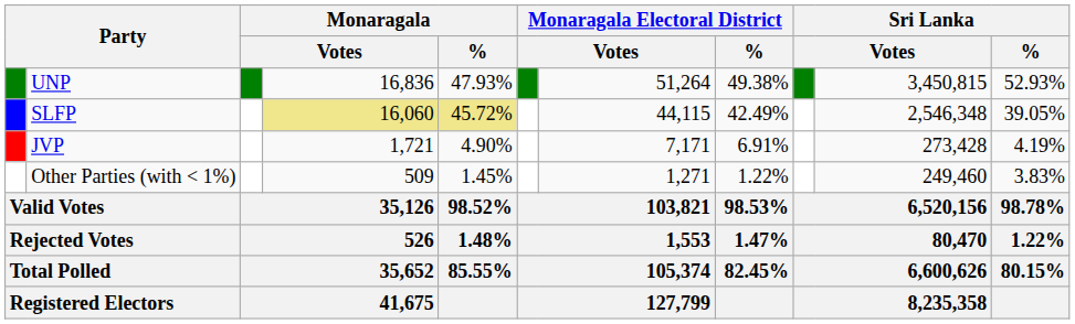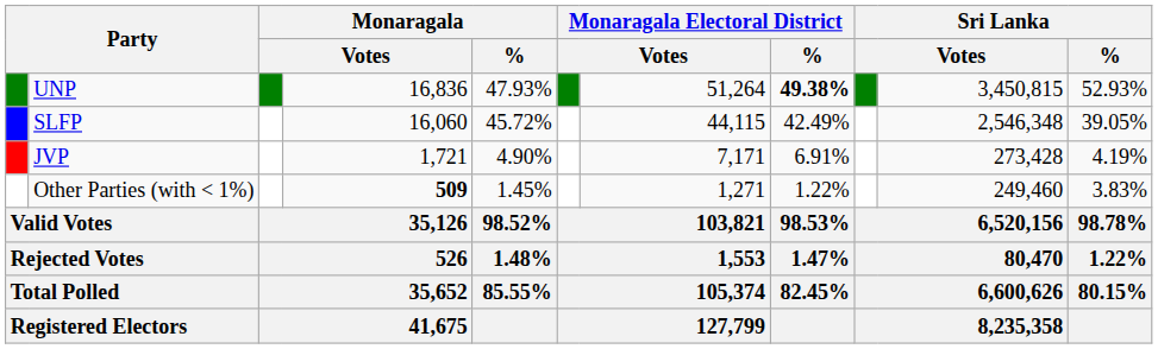 <table class="wikitable">
 <tr>
 <th colspan="2" width="144px"rowspan="2">Party</th>
 <th colspan="3" width="216px">Monaragala</th>
 <th colspan="3" width="216px"><a href='#'>Monaragala Electoral District</a></th>
 <th colspan="3" width="216px">Sri Lanka</th>
 </tr>
 <tr>
 <th colspan="2" width="144px">Votes</th>
 <th>%</th>
 <th colspan="2" width="144px">Votes</th>
 <th>%</th>
 <th colspan="2" width="144px">Votes</th>
 <th>%</th>
 </tr>
 <tr>
 <td style="background-color:green;" width="10px"></td>
 <td style="text-align:left;"><a href='#'>UNP</a></td>
 <td style="background-color:green;" width="10px"></td>
 <td style="text-align:right;">16,836</td>
 <td style="text-align:right;">47.93%</td>
 <td style="background-color:green;" width="10px"></td>
 <td style="text-align:right;">51,264</td>
-<td style="text-align:right;">49.38%</td>
+<td style="text-align:right;"><strong>49.38%</strong></td>
 <td style="background-color:green;" width="10px"></td>
 <td style="text-align:right;">3,450,815</td>
 <td style="text-align:right;">52.93%</td>
 </tr>
 <tr>
 <td style="background-color:blue;" width="10px"></td>
 <td style="text-align:left;"><a href='#'>SLFP</a></td>
 <td style="background-color:white;" width="10px"></td>
-<td style="background: khaki; text-align:right;">16,060</td>
-<td style="background: khaki; text-align:right;">45.72%</td>
+<td style="text-align:right;">16,060</td>
+<td style="text-align:right;">45.72%</td>
 <td style="background-color:white;" width="10px"></td>
 <td style="text-align:right;">44,115</td>
 <td style="text-align:right;">42.49%</td>
 <td style="background-color:white;" width="10px"></td>
 <td style="text-align:right;">2,546,348</td>
 <td style="text-align:right;">39.05%</td>
 </tr>
 <tr>
 <td style="background-color:red;" width="10px"></td>
 <td style="text-align:left;"><a href='#'>JVP</a></td>
 <td style="background-color:white;" width="10px"></td>
 <td style="text-align:right;">1,721</td>
 <td style="text-align:right;">4.90%</td>
 <td style="background-color:white;" width="10px"></td>
 <td style="text-align:right;">7,171</td>
 <td style="text-align:right;">6.91%</td>
 <td style="background-color:white;" width="10px"></td>
 <td style="text-align:right;">273,428</td>
 <td style="text-align:right;">4.19%</td>
 </tr>
 <tr>
 <td style="background-color:white;" width="10px"></td>
 <td style="text-align:left;">Other Parties (with < 1%)</td>
 <td style="background-color:white;" width="10px"></td>
-<td style="text-align:right;">509</td>
+<td style="text-align:right;"><strong>509</strong></td>
 <td style="text-align:right;">1.45%</td>
 <td style="background-color:white;" width="10px"></td>
 <td style="text-align:right;">1,271</td>
 <td style="text-align:right;">1.22%</td>
 <td style="background-color:white;" width="10px"></td>
 <td style="text-align:right;">249,460</td>
 <td style="text-align:right;">3.83%</td>
 </tr>
 <tr>
 <th colspan="2" width="144px"style="text-align:left;">Valid Votes</th>
 <th style="text-align:right;"colspan="2" width="144px">35,126</th>
 <th style="text-align:right;">98.52%</th>
 <th style="text-align:right;"colspan="2" width="144px">103,821</th>
 <th style="text-align:right;">98.53%</th>
 <th style="text-align:right;"colspan="2" width="144px">6,520,156</th>
 <th style="text-align:right;">98.78%</th>
 </tr>
 <tr>
 <th colspan="2" width="144px"style="text-align:left;">Rejected Votes</th>
 <th style="text-align:right;"colspan="2" width="144px">526</th>
 <th style="text-align:right;">1.48%</th>
 <th style="text-align:right;"colspan="2" width="144px">1,553</th>
 <th style="text-align:right;">1.47%</th>
 <th style="text-align:right;"colspan="2" width="144px">80,470</th>
 <th style="text-align:right;">1.22%</th>
 </tr>
 <tr>
 <th colspan="2" width="144px"style="text-align:left;">Total Polled</th>
 <th style="text-align:right;"colspan="2" width="144px">35,652</th>
 <th style="text-align:right;">85.55%</th>
 <th style="text-align:right;"colspan="2" width="144px">105,374</th>
 <th style="text-align:right;">82.45%</th>
 <th style="text-align:right;"colspan="2" width="144px">6,600,626</th>
 <th style="text-align:right;">80.15%</th>
 </tr>
 <tr>
 <th colspan="2" width="144px"style="text-align:left;">Registered Electors</th>
 <th style="text-align:right;"colspan="2" width="144px">41,675</th>
 <th></th>
 <th style="text-align:right;"colspan="2" width="144px">127,799</th>
 <th></th>
 <th style="text-align:right;"colspan="2" width="144px">8,235,358</th>
 <th></th>
 </tr>
 </table>
